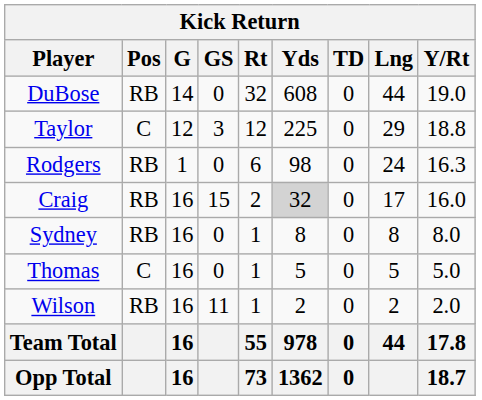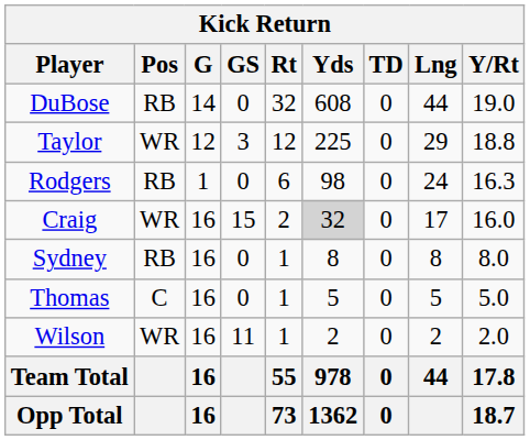 <table class="wikitable" style="text-align:center">
 <tr>
 <th colspan="9">Kick Return</th>
 </tr>
 <tr>
 <th>Player</th>
 <th>Pos</th>
 <th>G</th>
 <th>GS</th>
 <th>Rt</th>
 <th>Yds</th>
 <th>TD</th>
 <th>Lng</th>
 <th>Y/Rt</th>
 </tr>
 <tr>
 <td><a href='#'>DuBose</a></td>
 <td>RB</td>
 <td>14</td>
 <td>0</td>
 <td>32</td>
 <td>608</td>
 <td>0</td>
 <td>44</td>
 <td>19.0</td>
 </tr>
 <tr>
 <td><a href='#'>Taylor</a></td>
-<td>C</td>
+<td>WR</td>
 <td>12</td>
 <td>3</td>
 <td>12</td>
 <td>225</td>
 <td>0</td>
 <td>29</td>
 <td>18.8</td>
 </tr>
 <tr>
 <td><a href='#'>Rodgers</a></td>
 <td>RB</td>
 <td>1</td>
 <td>0</td>
 <td>6</td>
 <td>98</td>
 <td>0</td>
 <td>24</td>
 <td>16.3</td>
 </tr>
 <tr>
 <td><a href='#'>Craig</a></td>
-<td>RB</td>
+<td>WR</td>
 <td>16</td>
 <td>15</td>
 <td>2</td>
 <td style="background: lightgrey;">32</td>
 <td>0</td>
 <td>17</td>
 <td>16.0</td>
 </tr>
 <tr>
 <td><a href='#'>Sydney</a></td>
 <td>RB</td>
 <td>16</td>
 <td>0</td>
 <td>1</td>
 <td>8</td>
 <td>0</td>
 <td>8</td>
 <td>8.0</td>
 </tr>
 <tr>
 <td><a href='#'>Thomas</a></td>
 <td>C</td>
 <td>16</td>
 <td>0</td>
 <td>1</td>
 <td>5</td>
 <td>0</td>
 <td>5</td>
 <td>5.0</td>
 </tr>
 <tr>
 <td><a href='#'>Wilson</a></td>
-<td>RB</td>
+<td>WR</td>
 <td>16</td>
 <td>11</td>
 <td>1</td>
 <td>2</td>
 <td>0</td>
 <td>2</td>
 <td>2.0</td>
 </tr>
 <tr>
 <th>Team Total</th>
 <th></th>
 <th>16</th>
 <th></th>
 <th>55</th>
 <th>978</th>
 <th>0</th>
 <th>44</th>
 <th>17.8</th>
 </tr>
 <tr>
 <th>Opp Total</th>
 <th></th>
 <th>16</th>
 <th></th>
 <th>73</th>
 <th>1362</th>
 <th>0</th>
 <th></th>
 <th>18.7</th>
 </tr>
 </table>
